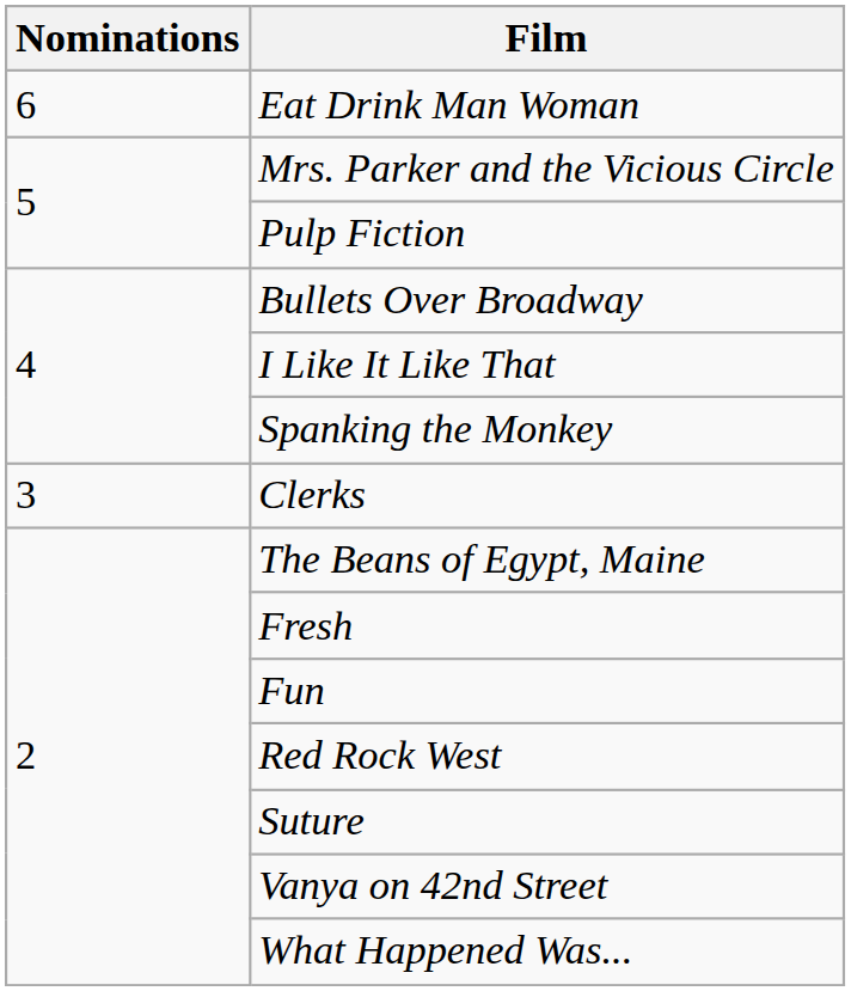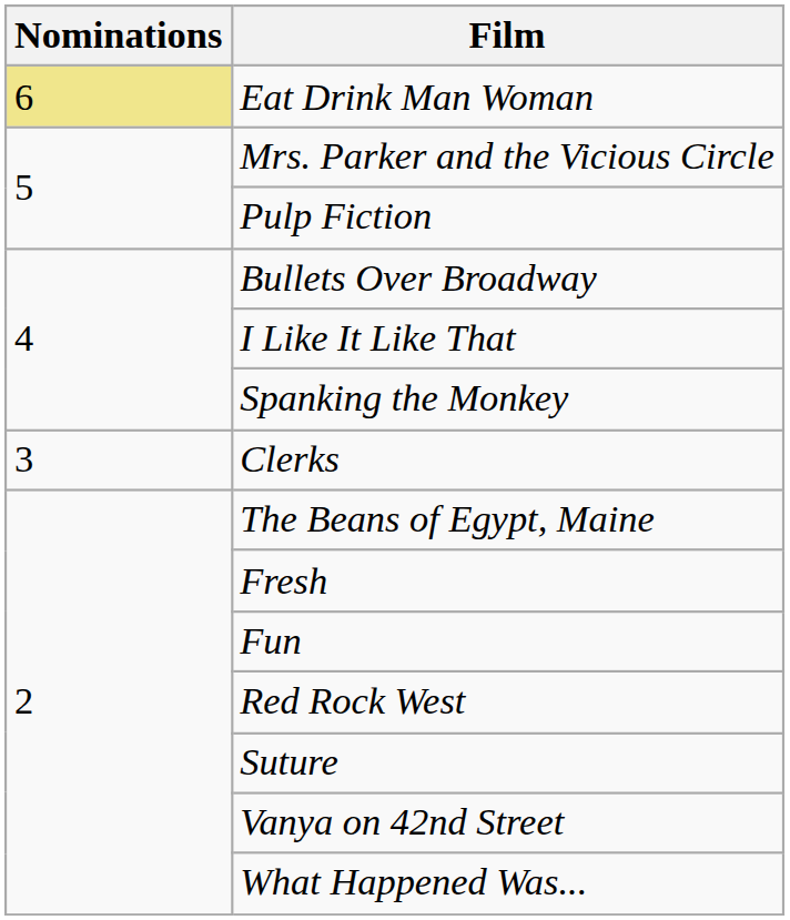 <table class="wikitable">
 <tr>
 <th>Nominations</th>
 <th>Film</th>
 </tr>
 <tr>
-<td>6</td>
+<td style="background: khaki;">6</td>
 <td><em>Eat Drink Man Woman</em></td>
 </tr>
 <tr>
 <td rowspan="2">5</td>
 <td><em>Mrs. Parker and the Vicious Circle</em></td>
 </tr>
 <tr>
 <td><em>Pulp Fiction</em></td>
 </tr>
 <tr>
 <td rowspan="3">4</td>
 <td><em>Bullets Over Broadway</em></td>
 </tr>
 <tr>
 <td><em>I Like It Like That</em></td>
 </tr>
 <tr>
 <td><em>Spanking the Monkey</em></td>
 </tr>
 <tr>
 <td>3</td>
 <td><em>Clerks</em></td>
 </tr>
 <tr>
 <td rowspan="7">2</td>
 <td><em>The Beans of Egypt, Maine</em></td>
 </tr>
 <tr>
 <td><em>Fresh</em></td>
 </tr>
 <tr>
 <td><em>Fun</em></td>
 </tr>
 <tr>
 <td><em>Red Rock West</em></td>
 </tr>
 <tr>
 <td><em>Suture</em></td>
 </tr>
 <tr>
 <td><em>Vanya on 42nd Street</em></td>
 </tr>
 <tr>
 <td><em>What Happened Was...</em></td>
 </tr>
 </table>
